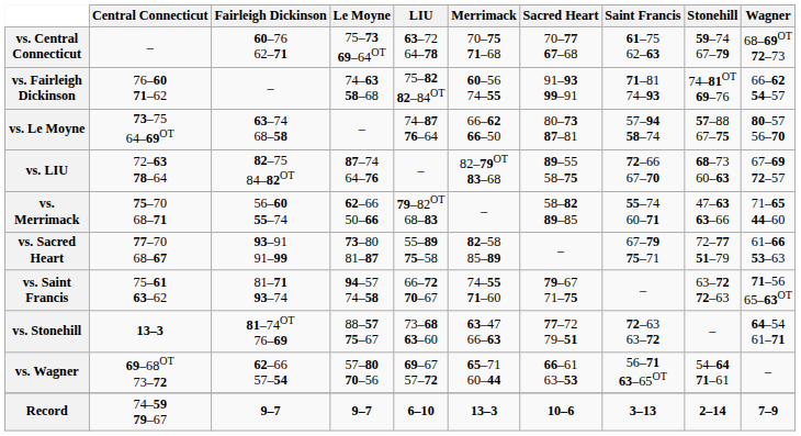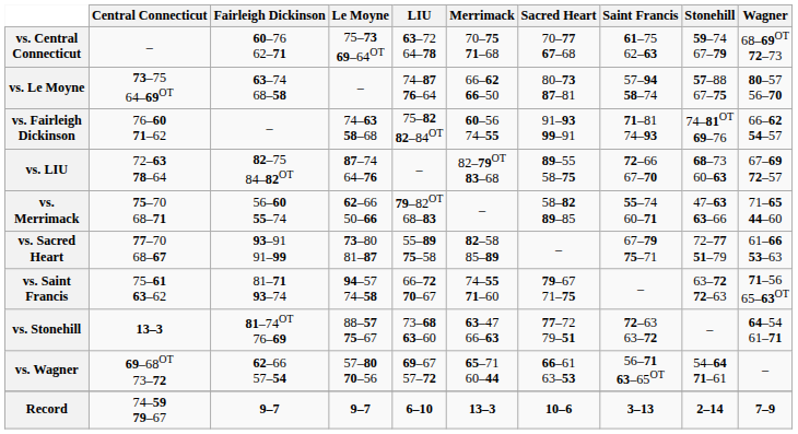 <table class="wikitable" style="font-size:80%;">
 <tr>
 <th colspan=1 style="background:white; border-top-style:hidden; border-left-style:hidden;"   width=75> </th>
 <th>Central Connecticut</th>
 <th>Fairleigh Dickinson</th>
 <th>Le Moyne</th>
 <th>LIU</th>
 <th>Merrimack</th>
 <th>Sacred Heart</th>
 <th>Saint Francis</th>
 <th>Stonehill</th>
 <th>Wagner</th>
 </tr>
 <tr style="text-align:center;">
 <th>vs. Central Connecticut</th>
 <td>–</td>
 <td><strong>60</strong>–76<br>62–<strong>71</strong></td>
 <td>75–<strong>73</strong><br><strong>69</strong>–64<sup>OT</sup></td>
 <td><strong>63</strong>–72<br>64–<strong>78</strong></td>
 <td>70–<strong>75</strong><br><strong>71</strong>–68</td>
 <td>70–<strong>77</strong><br><strong>67</strong>–68</td>
 <td><strong>61</strong>–75<br>62–<strong>63</strong></td>
 <td><strong>59</strong>–74<br>67–<strong>79</strong></td>
 <td>68–<strong>69</strong><sup>OT</sup><br><strong>72</strong>–73</td>
 </tr>
 <tr style="text-align:center;">
+<th>vs. Le Moyne</th>
+<td><strong>73</strong>–75<br>64–<strong>69</strong><sup>OT</sup></td>
+<td><strong>63</strong>–74<br>68–<strong>58</strong></td>
+<td>–</td>
+<td>74–<strong>87</strong><br><strong>76</strong>–64</td>
+<td>66–<strong>62</strong><br><strong>66</strong>–50</td>
+<td>80–<strong>73</strong><br><strong>87</strong>–81</td>
+<td>57–<strong>94</strong><br><strong>58</strong>–74</td>
+<td><strong>57</strong>–88<br>67–<strong>75</strong></td>
+<td><strong>80</strong>–57<br>56–<strong>70</strong></td>
+</tr>
+<tr style="text-align:center;">
 <th>vs. Fairleigh Dickinson</th>
 <td>76–<strong>60</strong><br><strong>71</strong>–62</td>
 <td>–</td>
 <td>74–<strong>63</strong><br><strong>58</strong>–68</td>
 <td>75–<strong>82</strong><br><strong>82</strong>–84<sup>OT</sup></td>
 <td><strong>60</strong>–56<br>74–<strong>55</strong></td>
 <td>91–<strong>93</strong><br><strong>99</strong>–91</td>
 <td><strong>71</strong>–81<br>74–<strong>93</strong></td>
 <td>74–<strong>81</strong><sup>OT</sup><br><strong>69</strong>–76</td>
 <td>66–<strong>62</strong><br><strong>54</strong>–57</td>
-</tr>
-<tr style="text-align:center;">
-<th>vs. Le Moyne</th>
-<td><strong>73</strong>–75<br>64–<strong>69</strong><sup>OT</sup></td>
-<td><strong>63</strong>–74<br>68–<strong>58</strong></td>
-<td>–</td>
-<td>74–<strong>87</strong><br><strong>76</strong>–64</td>
-<td>66–<strong>62</strong><br><strong>66</strong>–50</td>
-<td>80–<strong>73</strong><br><strong>87</strong>–81</td>
-<td>57–<strong>94</strong><br><strong>58</strong>–74</td>
-<td><strong>57</strong>–88<br>67–<strong>75</strong></td>
-<td><strong>80</strong>–57<br>56–<strong>70</strong></td>
 </tr>
 <tr style="text-align:center;">
 <th>vs. LIU</th>
 <td>72–<strong>63</strong><br><strong>78</strong>–64</td>
 <td><strong>82</strong>–75<br>84–<strong>82</strong><sup>OT</sup></td>
 <td><strong>87</strong>–74<br>64–<strong>76</strong></td>
 <td>–</td>
 <td>82–<strong>79</strong><sup>OT</sup><br><strong>83</strong>–68</td>
 <td><strong>89</strong>–55<br>58–<strong>75</strong></td>
 <td><strong>72</strong>–66<br>67–<strong>70</strong></td>
 <td><strong>68</strong>–73<br>60–<strong>63</strong></td>
 <td>67–<strong>69</strong><br><strong>72</strong>–57</td>
 </tr>
 <tr style="text-align:center;">
 <th>vs. Merrimack</th>
 <td><strong>75</strong>–70<br>68–<strong>71</strong></td>
 <td>56–<strong>60</strong><br><strong>55</strong>–74</td>
 <td><strong>62</strong>–66<br>50–<strong>66</strong></td>
 <td><strong>79</strong>–82<sup>OT</sup><br>68–<strong>83</strong></td>
 <td>–</td>
 <td>58–<strong>82</strong><br><strong>89</strong>–85</td>
 <td><strong>55</strong>–74<br>60–<strong>71</strong></td>
 <td>47–<strong>63</strong><br><strong>63</strong>–66</td>
 <td>71–<strong>65</strong><br><strong>44</strong>–60</td>
 </tr>
 <tr style="text-align:center;">
 <th>vs. Sacred Heart</th>
 <td><strong>77</strong>–70<br>68–<strong>67</strong></td>
 <td><strong>93</strong>–91<br>91–<strong>99</strong></td>
 <td><strong>73</strong>–80<br>81–<strong>87</strong></td>
 <td>55–<strong>89</strong><br><strong>75</strong>–58</td>
 <td><strong>82</strong>–58<br>85–<strong>89</strong></td>
 <td>–</td>
 <td>67–<strong>79</strong><br><strong>75</strong>–71</td>
 <td>72–<strong>77</strong><br><strong>51</strong>–79</td>
 <td>61–<strong>66</strong><br><strong>53</strong>–63</td>
 </tr>
 <tr style="text-align:center;">
 <th>vs. Saint Francis</th>
 <td>75–<strong>61</strong><br><strong>63</strong>–62</td>
 <td>81–<strong>71</strong><br><strong>93</strong>–74</td>
 <td><strong>94</strong>–57<br>74–<strong>58</strong></td>
 <td>66–<strong>72</strong><br><strong>70</strong>–67</td>
 <td>74–<strong>55</strong><br><strong>71</strong>–60</td>
 <td><strong>79</strong>–67<br>71–<strong>75</strong></td>
 <td>–</td>
 <td>63–<strong>72</strong><br><strong>72</strong>–63</td>
 <td><strong>71</strong>–56<br>65–<strong>63</strong><sup>OT</sup><br></td>
 </tr>
 <tr style="text-align:center;">
 <th>vs. Stonehill</th>
 <td><strong>13–3</strong></td>
 <td><strong>81</strong>–74<sup>OT</sup><br>76–<strong>69</strong></td>
 <td>88–<strong>57</strong><br><strong>75</strong>–67</td>
 <td>73–<strong>68</strong><br><strong>63</strong>–60</td>
 <td><strong>63</strong>–47<br>66–<strong>63</strong></td>
 <td><strong>77</strong>–72<br>79–<strong>51</strong></td>
 <td><strong>72</strong>–63<br>63–<strong>72</strong></td>
 <td>–</td>
 <td><strong>64</strong>–54<br>61–<strong>71</strong></td>
 </tr>
 <tr style="text-align:center;">
 <th>vs. Wagner</th>
 <td><strong>69</strong>–68<sup>OT</sup><br>73–<strong>72</strong></td>
 <td><strong>62</strong>–66<br>57–<strong>54</strong></td>
 <td>57–<strong>80</strong><br><strong>70</strong>–56</td>
 <td><strong>69</strong>–67<br>57–<strong>72</strong></td>
 <td><strong>65</strong>–71<br>60–<strong>44</strong></td>
 <td><strong>66</strong>–61<br>63–<strong>53</strong></td>
 <td>56–<strong>71</strong><br><strong>63</strong>–65<sup>OT</sup></td>
 <td>54–<strong>64</strong><br><strong>71</strong>–61</td>
 <td>–</td>
 </tr>
 <tr>
 </tr>
 <tr style="text-align:center;">
 <th>Record</th>
 <td>74–<strong>59</strong><br><strong>79</strong>–67</td>
 <td><strong>9–7</strong></td>
 <td><strong>9–7</strong></td>
 <td><strong>6–10</strong></td>
 <td><strong>13–3</strong></td>
 <td><strong>10–6</strong></td>
 <td><strong>3–13</strong></td>
 <td><strong>2–14</strong></td>
 <td><strong>7–9</strong></td>
 </tr>
 </table>
